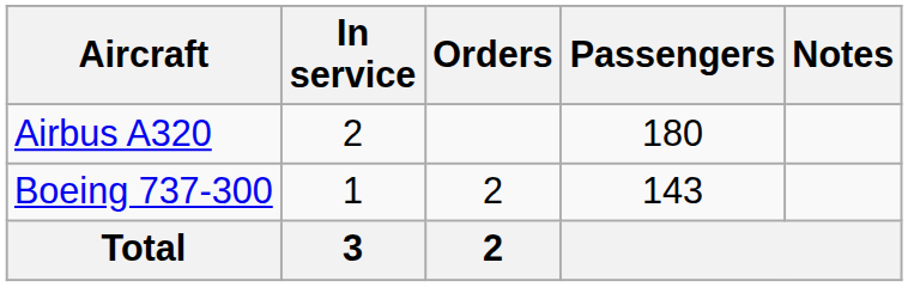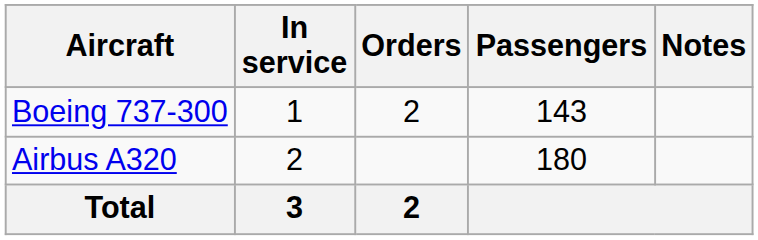 <table class="wikitable" style="border-collapse:collapse;margin:1em auto;">
 <tr>
 <th>Aircraft</th>
 <th>In<br>service</th>
 <th>Orders</th>
 <th>Passengers</th>
 <th>Notes</th>
 </tr>
 <tr>
+<td><a href='#'>Boeing 737-300</a></td>
+<td align="center">1</td>
+<td align="center">2</td>
+<td align="center">143</td>
+<td></td>
+</tr>
+<tr>
 <td><a href='#'>Airbus A320</a></td>
 <td align="center">2</td>
 <td align="center"></td>
 <td align="center">180</td>
-<td></td>
-</tr>
-<tr>
-<td><a href='#'>Boeing 737-300</a></td>
-<td align="center">1</td>
-<td align="center">2</td>
-<td align="center">143</td>
 <td></td>
 </tr>
 <tr>
 <th>Total</th>
 <th>3</th>
 <th>2</th>
 <th colspan="2"></th>
 </tr>
 </table>
